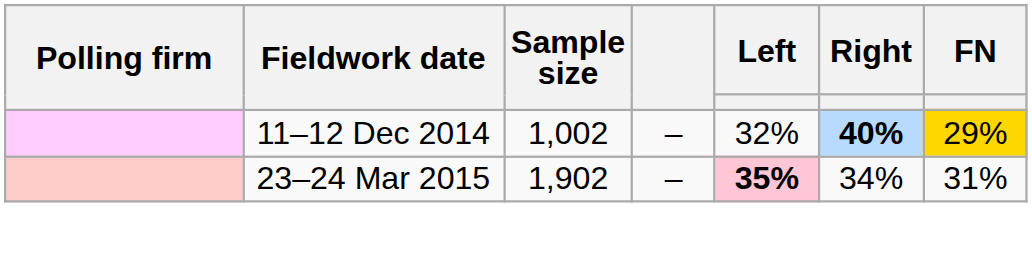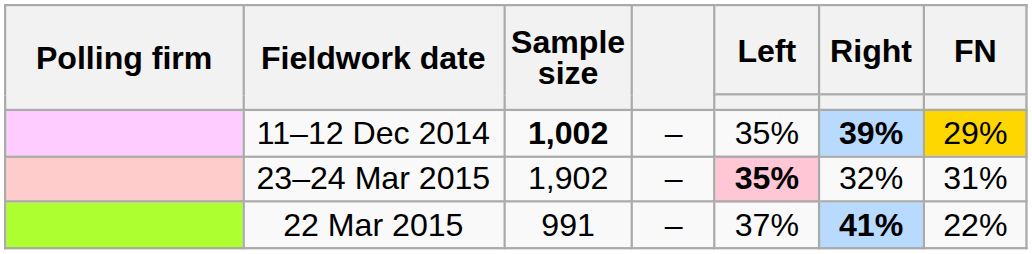 <table class="wikitable sortable" style="text-align:center;font-size:90%;line-height:14px;">
 <tr style="height:40px;">
 <th style="width:100px;" rowspan="2">Polling firm</th>
 <th style="width:110px;" rowspan="2">Fieldwork date</th>
 <th style="width:35px;" rowspan="2">Sample<br>size</th>
 <th style="width:30px;" rowspan="2"></th>
 <th class="unsortable" style="width:40px;">Left</th>
 <th class="unsortable" style="width:40px;">Right</th>
 <th class="unsortable" style="width:40px;">FN</th>
 </tr>
 <tr>
 <th style="background:"></th>
 <th style="background:"></th>
 <th style="background:"></th>
 </tr>
 <tr>
 <td style="background:#FFCCFF;"></td>
 <td data-sort-value="2014-12-12">11–12 Dec 2014</td>
-<td>1,002</td>
+<td><strong>1,002</strong></td>
 <td>–</td>
-<td>32%</td>
-<td style="background:#B9DAFF;"><strong>40%</strong></td>
+<td>35%</td>
+<td style="background:#B9DAFF;"><strong>39%</strong></td>
 <td style="background: gold;">29%</td>
 </tr>
 <tr>
 <td style="background:#FFCCCC;"></td>
 <td data-sort-value="2015-03-24">23–24 Mar 2015</td>
 <td>1,902</td>
 <td>–</td>
 <td style="background:#FFC6D5;"><strong>35%</strong></td>
-<td>34%</td>
+<td>32%</td>
 <td>31%</td>
 </tr>
+<tr>
+<td style="background:GreenYellow;"></td>
+<td data-sort-value="2015-03-22">22 Mar 2015</td>
+<td>991</td>
+<td>–</td>
+<td>37%</td>
+<td style="background:#B9DAFF;"><strong>41%</strong></td>
+<td>22%</td>
+</tr>
 </table>
